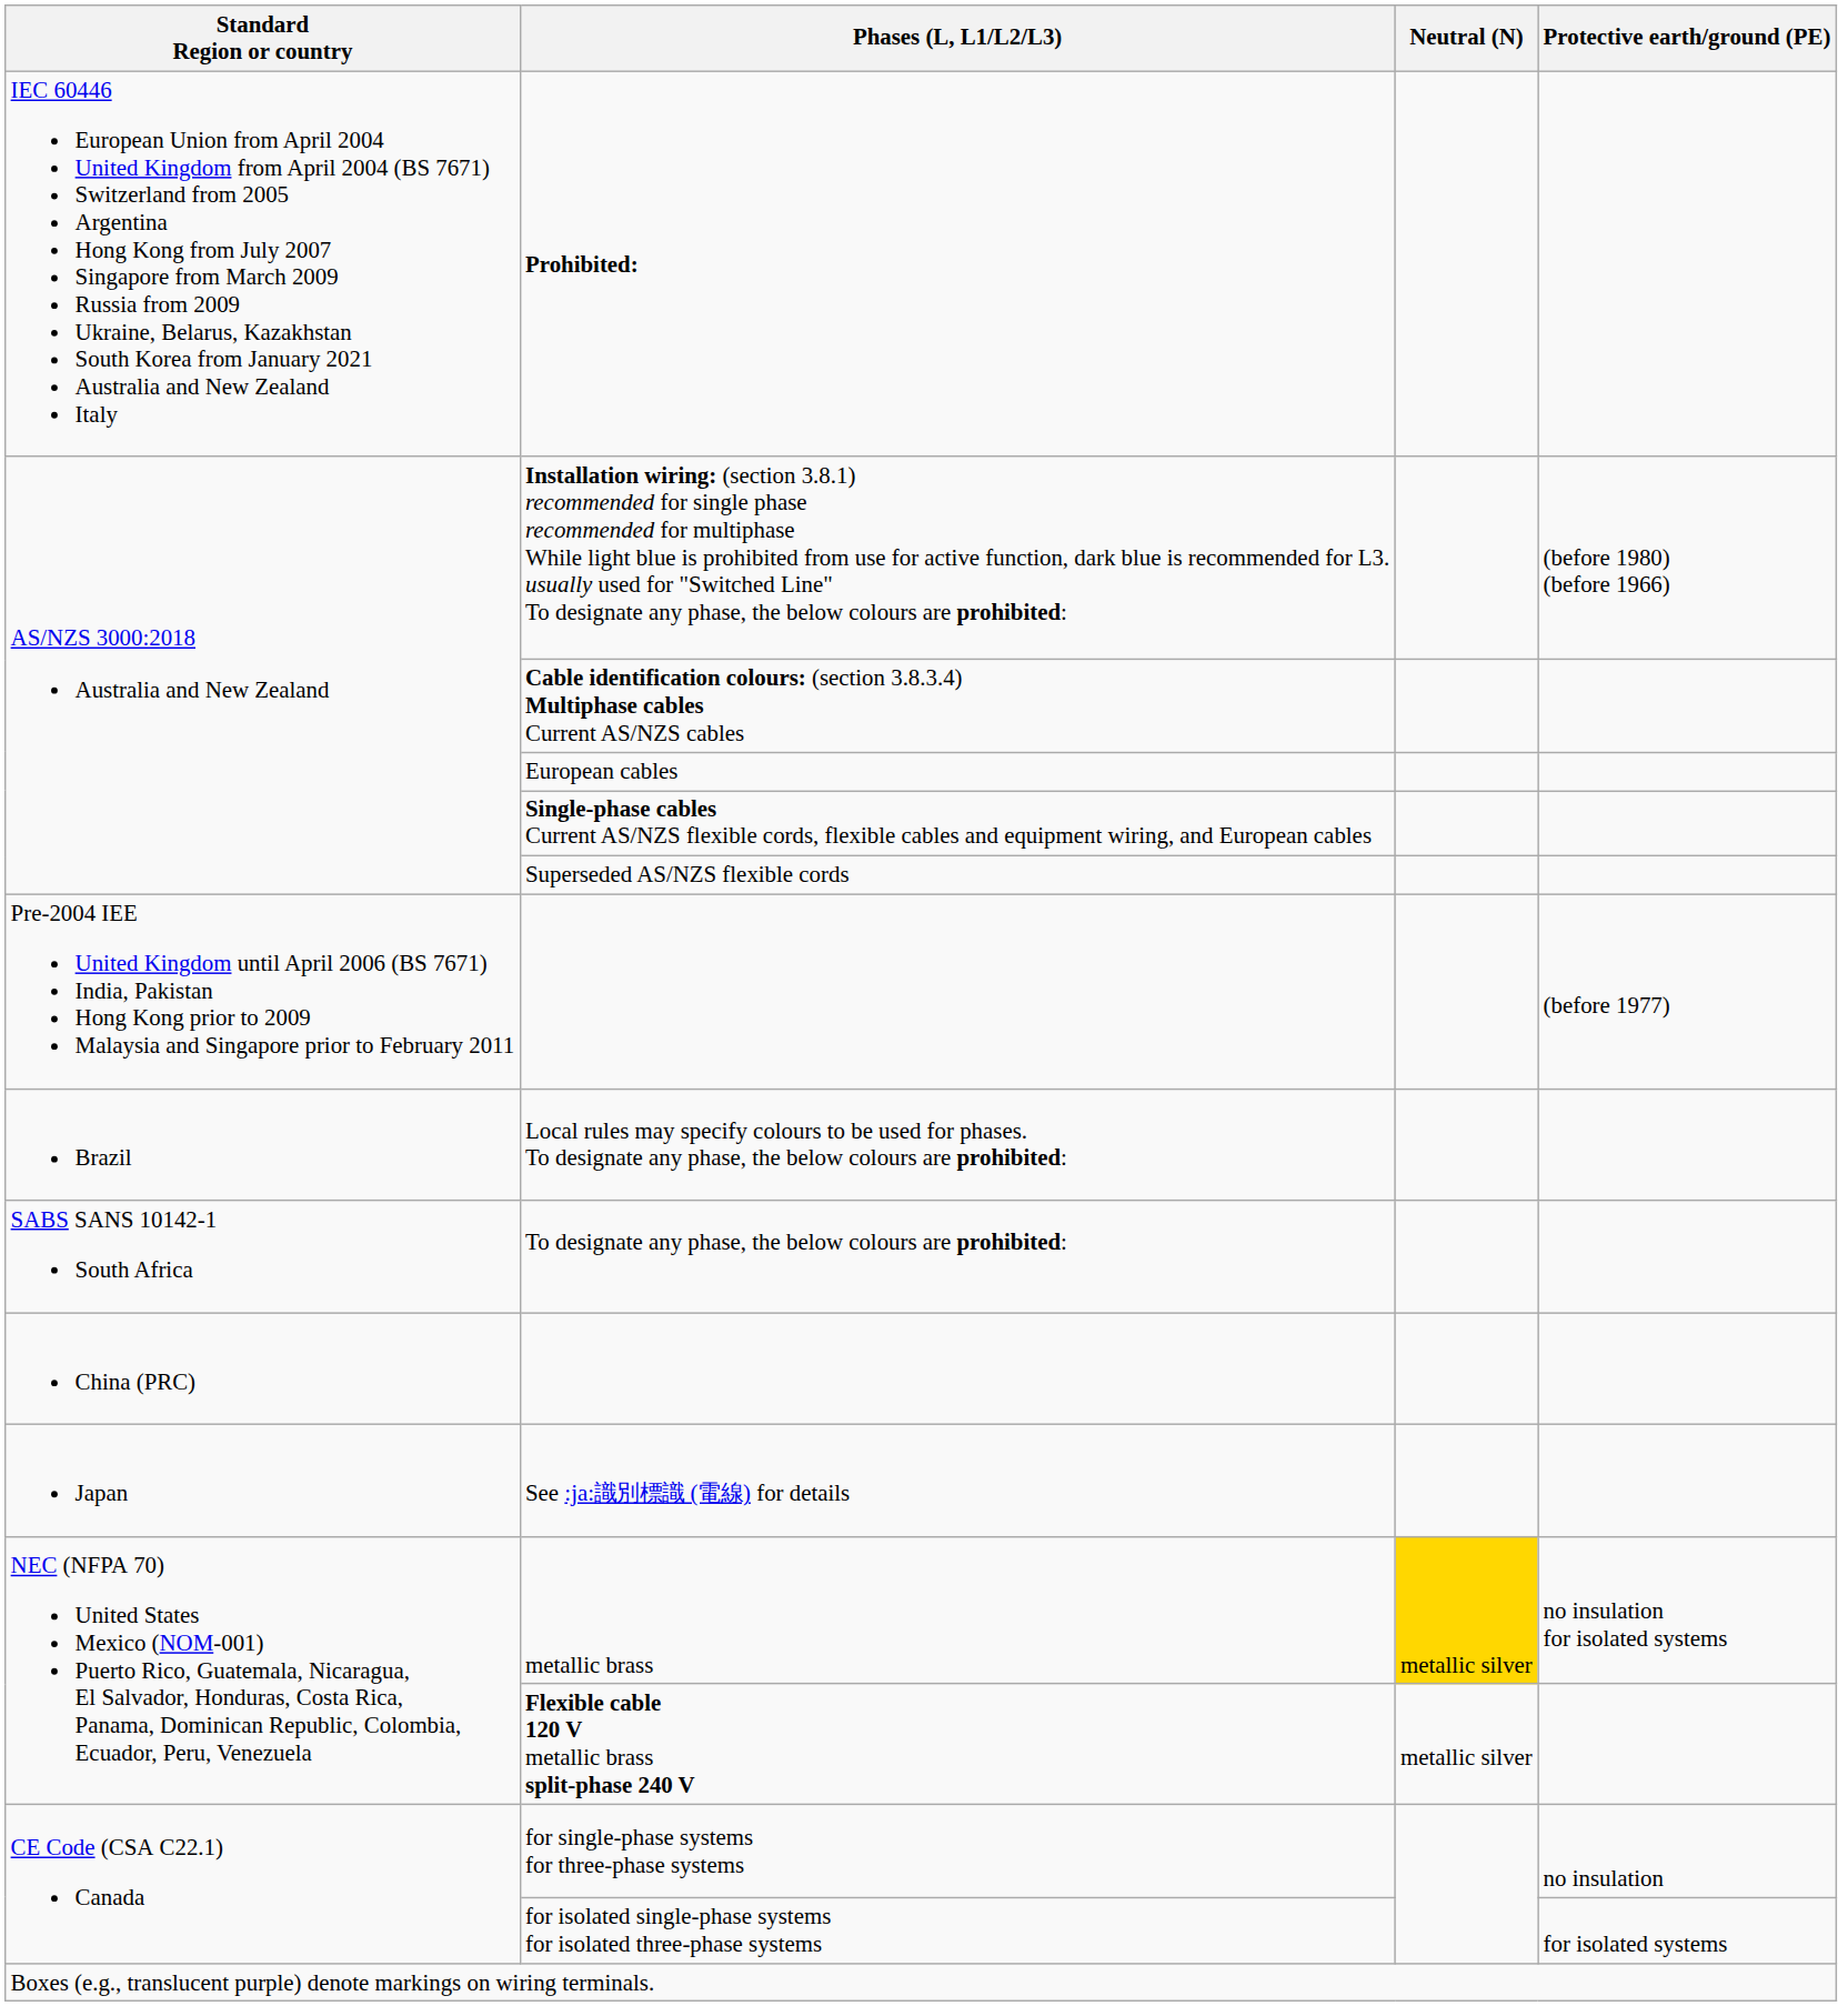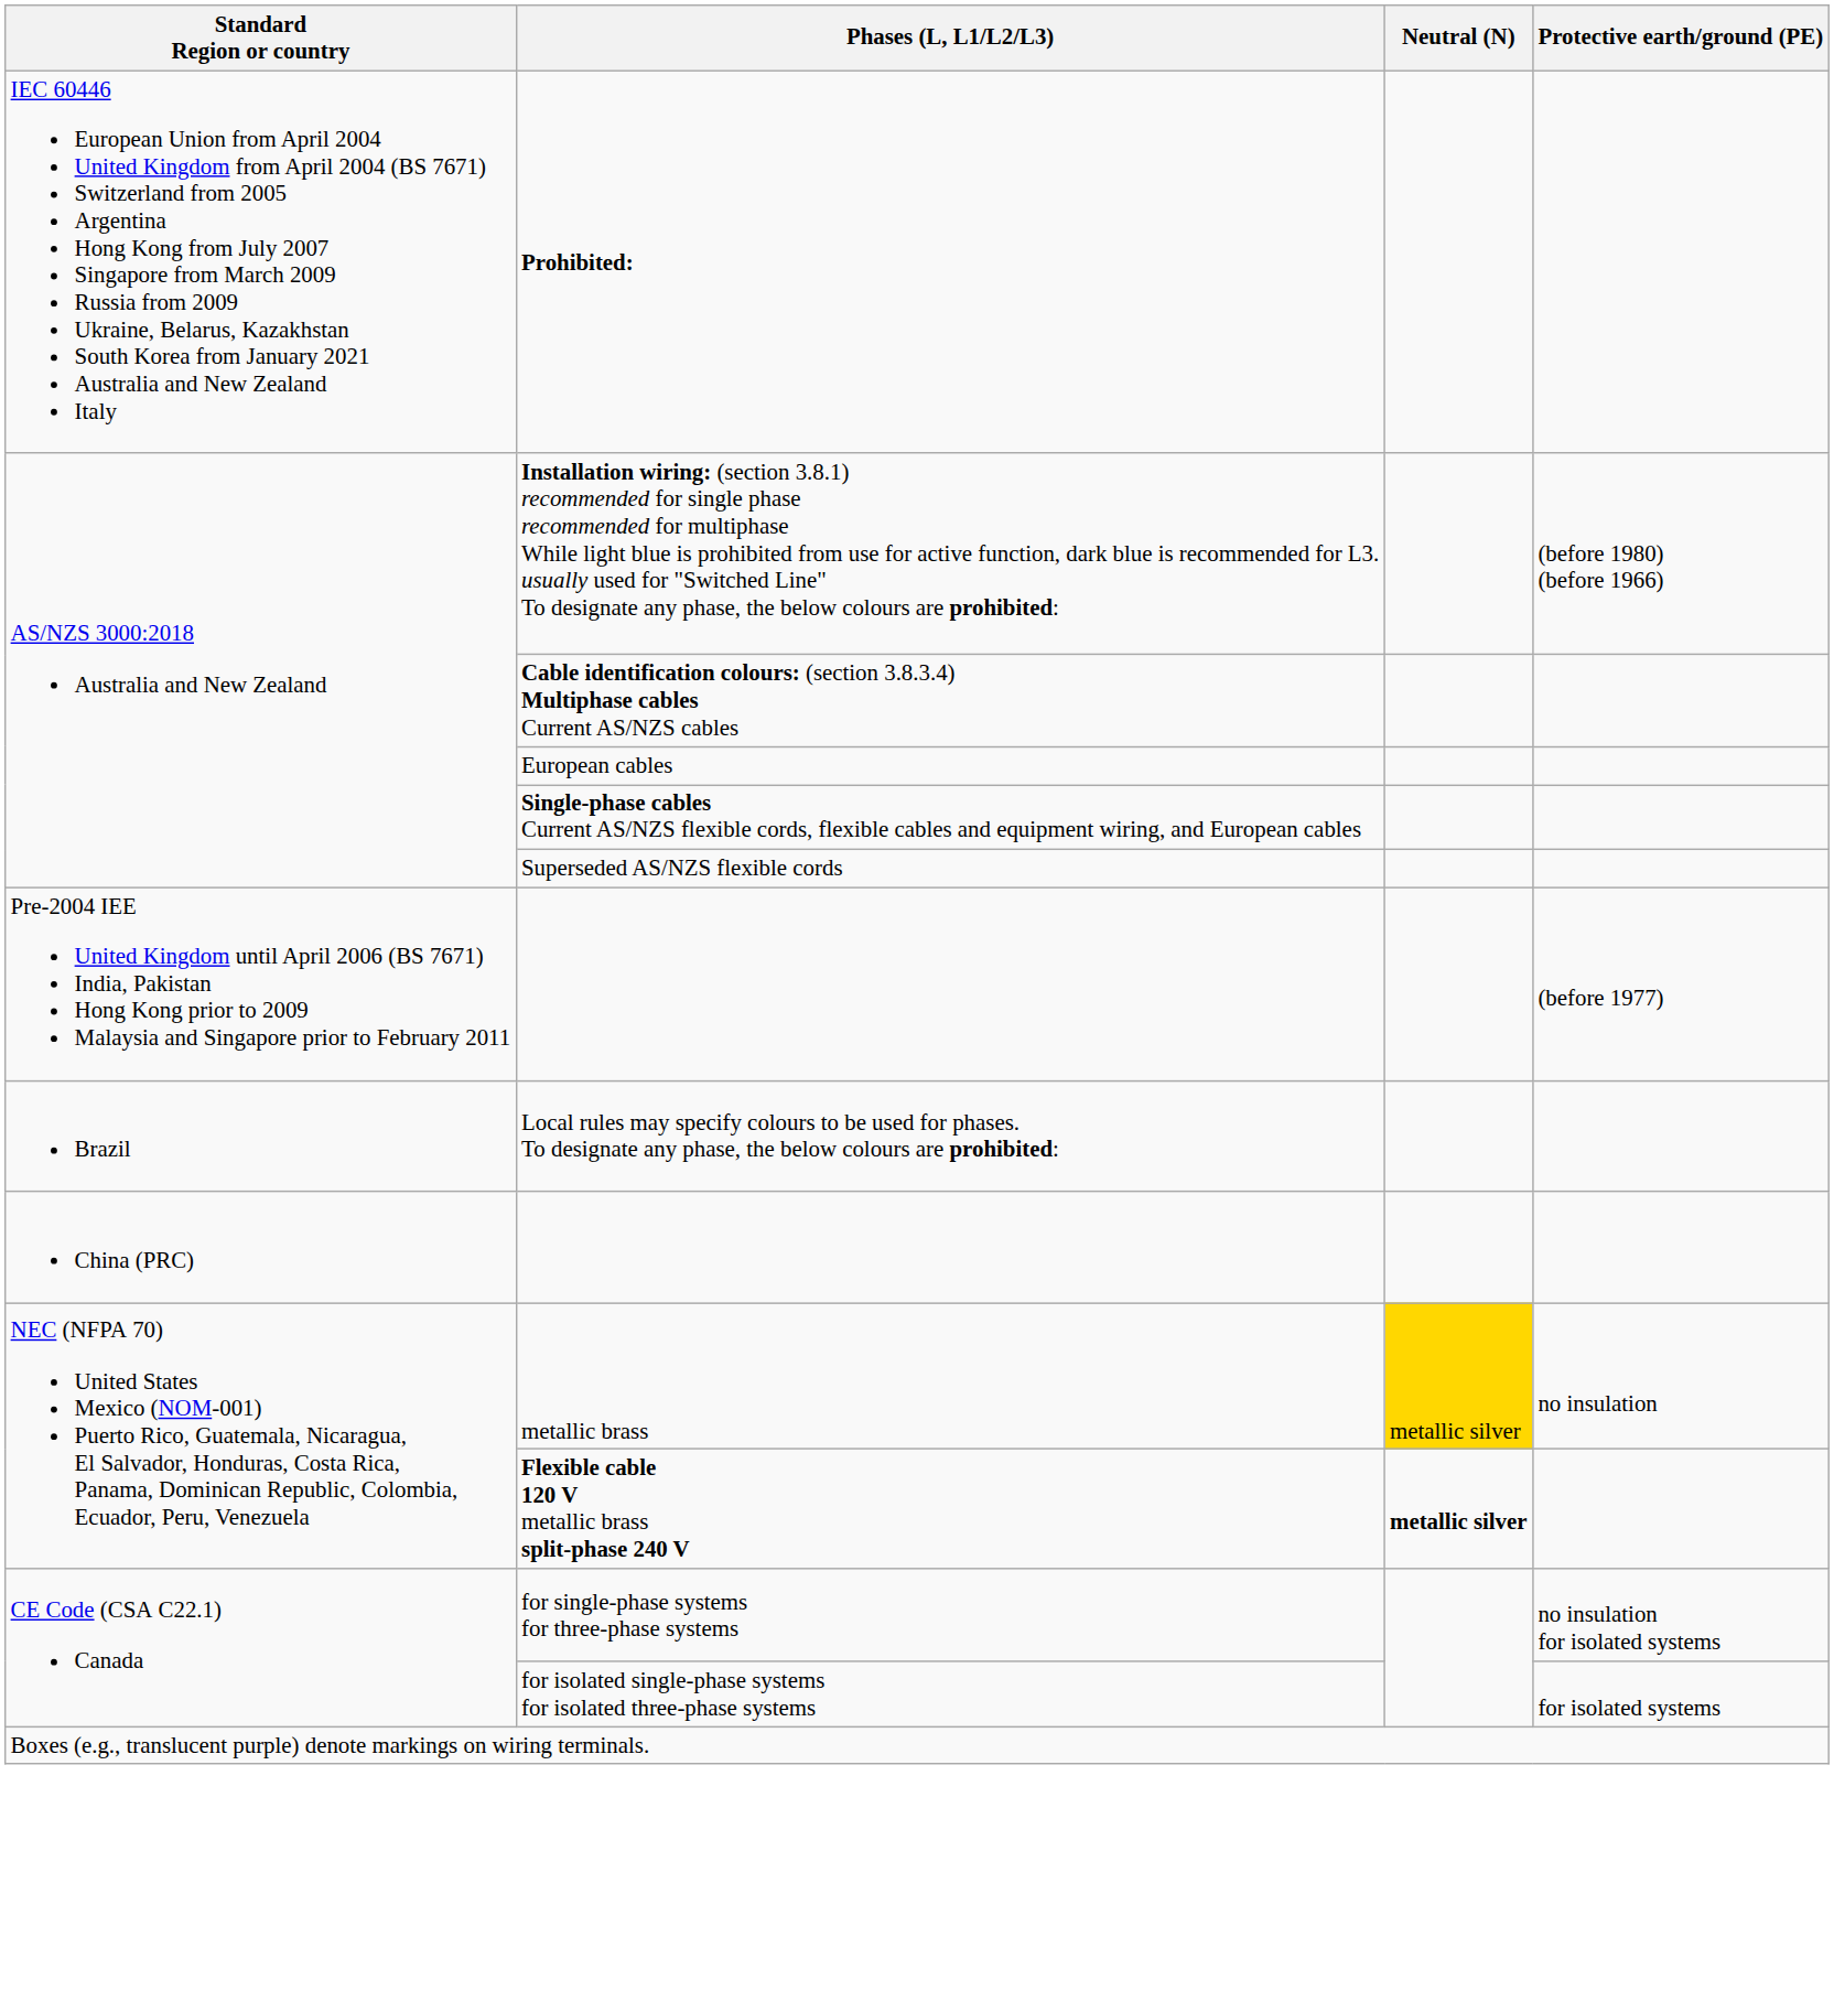 <table class="wikitable" style="font-size:90%; width:auto; margin:0 0 1em;">
 <tr>
 <th>Standard<br>Region or country</th>
 <th>Phases (L, L1/L2/L3)</th>
 <th>Neutral (N)</th>
 <th>Protective earth/ground (PE)</th>
 </tr>
 <tr>
 <td><a href='#'>IEC 60446</a> <br><ul><li>European Union from April 2004</li><li><a href='#'>United Kingdom</a> from April 2004 (BS 7671)</li><li>Switzerland from 2005</li><li>Argentina</li><li>Hong Kong from July 2007</li><li>Singapore from March 2009</li><li>Russia from 2009 </li><li>Ukraine, Belarus, Kazakhstan</li><li>South Korea from January 2021</li><li>Australia and New Zealand</li><li>Italy</li></ul></td>
 <td>  <strong>Prohibited:</strong> </td>
 <td><br></td>
 <td></td>
 </tr>
 <tr>
 <td rowspan=5><a href='#'>AS/NZS 3000:2018</a><br><ul><li>Australia and New Zealand</li></ul></td>
 <td><strong>Installation wiring:</strong> (section 3.8.1)<br>  <em>recommended</em> for single phase <br>   <em>recommended</em> for multiphase <br>While light blue is prohibited from use for active function, dark blue is recommended for L3. <br> <em>usually</em> used for "Switched Line" <br>To designate any phase, the below colours are <strong>prohibited</strong>:<br>    <br></td>
 <td><br></td>
 <td><br> (before 1980)<br> (before 1966)</td>
 </tr>
 <tr>
 <td><strong>Cable identification colours:</strong> (section 3.8.3.4)<br><strong>Multiphase cables</strong><br>   Current AS/NZS cables</td>
 <td><br><br></td>
 <td><br><br></td>
 </tr>
 <tr>
 <td>    European cables</td>
 <td></td>
 <td></td>
 </tr>
 <tr>
 <td><strong>Single-phase cables</strong><br> Current AS/NZS flexible cords, flexible cables and equipment wiring, and European cables</td>
 <td><br></td>
 <td><br></td>
 </tr>
 <tr>
 <td> Superseded AS/NZS flexible cords</td>
 <td></td>
 <td></td>
 </tr>
 <tr>
 <td>Pre-2004 IEE<br><ul><li><a href='#'>United Kingdom</a> until April 2006 (BS 7671)</li><li>India, Pakistan</li><li>Hong Kong prior to 2009</li><li>Malaysia and Singapore prior to February 2011</li></ul></td>
 <td>  </td>
 <td></td>
 <td><br> (before 1977)</td>
 </tr>
 <tr>
 <td><br><ul><li>Brazil</li></ul></td>
 <td>Local rules may specify colours to be used for phases.<br>To designate any phase, the below colours are <strong>prohibited</strong>:    <br></td>
 <td></td>
 <td><br></td>
 </tr>
 <tr>
-<td><a href='#'>SABS</a> SANS 10142-1<br><ul><li>South Africa</li></ul></td>
-<td>To designate any phase, the below colours are <strong>prohibited</strong>:<br>  <br></td>
-<td></td>
-<td><br></td>
-</tr>
-<tr>
 <td><br><ul><li>China (PRC)</li></ul></td>
 <td>  </td>
-<td></td>
-<td></td>
-</tr>
-<tr>
-<td><br><ul><li>Japan</li></ul></td>
-<td>  <br>See <a href='#'>:ja:識別標識 (電線)</a> for details</td>
 <td></td>
 <td></td>
 </tr>
 <tr>
 <td rowspan=2><a href='#'>NEC</a> (NFPA 70)<br><ul><li>United States</li><li>Mexico (<a href='#'>NOM</a>-001)</li><li>Puerto Rico, Guatemala, Nicaragua,<br>El Salvador, Honduras, Costa Rica,<br>Panama, Dominican Republic, Colombia,<br>Ecuador, Peru, Venezuela</li></ul></td>
 <td><strong></strong><br>  <br><strong></strong><br>   <br> metallic brass</td>
 <td style="background: gold;"><strong></strong><br><br><strong></strong><br><br> metallic silver</td>
-<td><br> no insulation<br> for isolated systems</td>
+<td><br><br> no insulation</td>
 </tr>
 <tr>
 <td><strong>Flexible cable </strong><br><strong>120 V</strong><br>  metallic brass<br><strong>split-phase 240 V</strong><br> </td>
-<td><br> metallic silver</td>
+<td><strong><br> metallic silver</strong></td>
 <td><br></td>
 </tr>
 <tr>
 <td rowspan=2><a href='#'>CE Code</a> (CSA C22.1)<br><ul><li>Canada</li></ul></td>
 <td>  for single-phase systems<br>   for three-phase systems</td>
 <td rowspan=2><br></td>
-<td><br><br> no insulation</td>
+<td><br> no insulation<br> for isolated systems</td>
 </tr>
 <tr>
 <td>  for isolated single-phase systems<br>   for isolated three-phase systems</td>
 <td><br> for isolated systems</td>
 </tr>
 <tr>
 <td colspan=4>Boxes (e.g.,  translucent purple) denote markings on wiring terminals.<br></td>
 </tr>
 </table>
